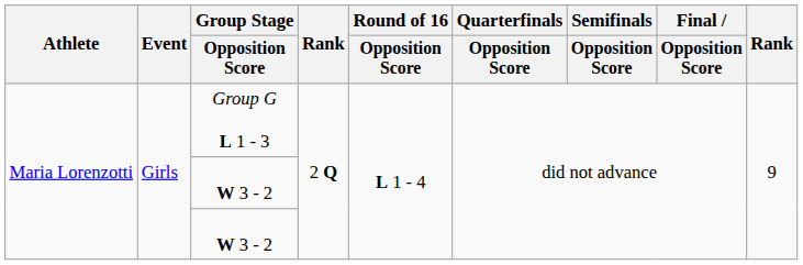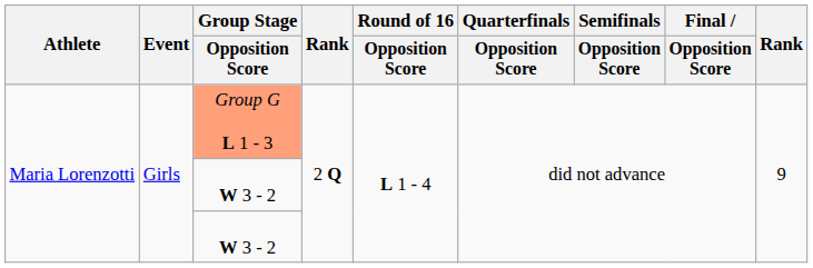 <table class=wikitable style="font-size:90%">
 <tr>
 <th rowspan="2">Athlete</th>
 <th rowspan="2">Event</th>
 <th>Group Stage</th>
 <th rowspan="2">Rank</th>
 <th>Round of 16</th>
 <th>Quarterfinals</th>
 <th>Semifinals</th>
 <th>Final / </th>
 <th rowspan=2>Rank</th>
 </tr>
 <tr style="font-size:95%">
 <th>Opposition<br>Score</th>
 <th>Opposition<br>Score</th>
 <th>Opposition<br>Score</th>
 <th>Opposition<br>Score</th>
 <th>Opposition<br>Score</th>
 </tr>
 <tr align=center>
 <td align=left rowspan=3><a href='#'>Maria Lorenzotti</a></td>
 <td align=left rowspan=3><a href='#'>Girls</a></td>
-<td><em>Group G</em><br><br><strong>L</strong> 1 - 3</td>
+<td style="background: lightsalmon;"><em>Group G</em><br><br><strong>L</strong> 1 - 3</td>
 <td rowspan=3>2 <strong>Q</strong></td>
 <td rowspan=3><br><strong>L</strong> 1 - 4</td>
 <td rowspan=3 colspan=3>did not advance</td>
 <td rowspan=3>9</td>
 </tr>
 <tr align=center>
 <td><br><strong>W</strong> 3 - 2</td>
 </tr>
 <tr align=center>
 <td><br><strong>W</strong> 3 - 2</td>
 </tr>
 </table>
